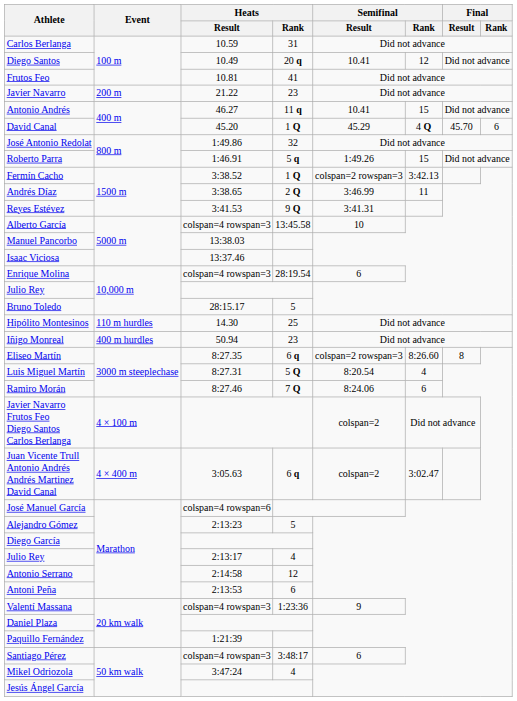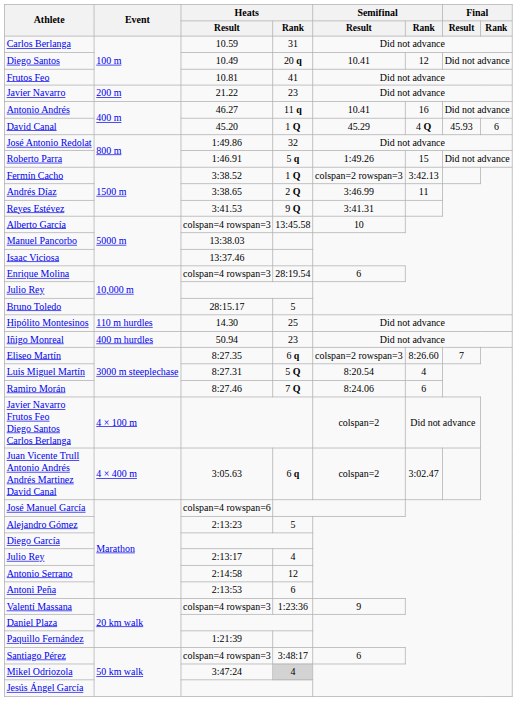 <table class="wikitable" style="font-size:90%">
 <tr>
 <th rowspan="2">Athlete</th>
 <th rowspan="2">Event</th>
 <th colspan="2">Heats</th>
 <th colspan="2">Semifinal</th>
 <th colspan="2">Final</th>
 </tr>
 <tr style="font-size:95%">
 <th>Result</th>
 <th>Rank</th>
 <th>Result</th>
 <th>Rank</th>
 <th>Result</th>
 <th>Rank</th>
 </tr>
 <tr align=center>
 <td align=left><a href='#'>Carlos Berlanga</a></td>
 <td align=left rowspan=3><a href='#'>100 m</a></td>
 <td>10.59</td>
 <td>31</td>
 <td colspan=4>Did not advance</td>
 </tr>
 <tr align=center>
 <td align=left><a href='#'>Diego Santos</a></td>
 <td>10.49</td>
 <td>20 <strong>q</strong></td>
 <td>10.41</td>
 <td>12</td>
 <td colspan=2>Did not advance</td>
 </tr>
 <tr align=center>
 <td align=left><a href='#'>Frutos Feo</a></td>
 <td>10.81</td>
 <td>41</td>
 <td colspan=4>Did not advance</td>
 </tr>
 <tr align=center>
 <td align=left><a href='#'>Javier Navarro</a></td>
 <td align=left><a href='#'>200 m</a></td>
 <td>21.22</td>
 <td>23</td>
 <td colspan=4>Did not advance</td>
 </tr>
 <tr align=center>
 <td align=left><a href='#'>Antonio Andrés</a></td>
 <td align=left rowspan=2><a href='#'>400 m</a></td>
 <td>46.27 <strong></strong></td>
 <td>11 <strong>q</strong></td>
 <td>10.41</td>
-<td>15</td>
+<td>16</td>
 <td colspan=2>Did not advance</td>
 </tr>
 <tr align=center>
 <td align=left><a href='#'>David Canal</a></td>
 <td>45.20 <strong></strong></td>
 <td>1 <strong>Q</strong></td>
 <td>45.29</td>
 <td>4 <strong>Q</strong></td>
-<td>45.70</td>
+<td>45.93</td>
 <td>6</td>
 </tr>
 <tr align=center>
 <td align=left><a href='#'>José Antonio Redolat</a></td>
 <td align=left rowspan=2><a href='#'>800 m</a></td>
 <td>1:49.86</td>
 <td>32</td>
 <td colspan=4>Did not advance</td>
 </tr>
 <tr align=center>
 <td align=left><a href='#'>Roberto Parra</a></td>
 <td>1:46.91 <strong></strong></td>
 <td>5 <strong>q</strong></td>
 <td>1:49.26</td>
 <td>15</td>
 <td colspan=2>Did not advance</td>
 </tr>
 <tr align=center>
 <td align=left><a href='#'>Fermín Cacho</a></td>
 <td align=left rowspan=3><a href='#'>1500 m</a></td>
 <td>3:38.52</td>
 <td>1 <strong>Q</strong></td>
 <td>colspan=2 rowspan=3 </td>
 <td>3:42.13</td>
 <td></td>
 </tr>
 <tr align=center>
 <td align=left><a href='#'>Andrés Díaz</a></td>
 <td>3:38.65</td>
 <td>2 <strong>Q</strong></td>
 <td>3:46.99</td>
 <td>11</td>
 </tr>
 <tr align=center>
 <td align=left><a href='#'>Reyes Estévez</a></td>
 <td>3:41.53</td>
 <td>9 <strong>Q</strong></td>
 <td>3:41.31</td>
 <td></td>
 </tr>
 <tr align=center>
 <td align=left><a href='#'>Alberto García</a></td>
 <td align=left rowspan=3><a href='#'>5000 m</a></td>
 <td>colspan=4 rowspan=3 </td>
 <td>13:45.58</td>
 <td>10</td>
 </tr>
 <tr align=center>
 <td align=left><a href='#'>Manuel Pancorbo</a></td>
 <td>13:38.03</td>
 <td></td>
 </tr>
 <tr align=center>
 <td align=left><a href='#'>Isaac Viciosa</a></td>
 <td>13:37.46</td>
 <td></td>
 </tr>
 <tr align=center>
 <td align=left><a href='#'>Enrique Molina</a></td>
 <td align=left rowspan=3><a href='#'>10,000 m</a></td>
 <td>colspan=4 rowspan=3 </td>
 <td>28:19.54</td>
 <td>6</td>
 </tr>
 <tr align=center>
 <td align=left><a href='#'>Julio Rey</a></td>
 <td colspan=2></td>
 </tr>
 <tr align=center>
 <td align=left><a href='#'>Bruno Toledo</a></td>
 <td>28:15.17</td>
 <td>5</td>
 </tr>
 <tr align=center>
 <td align=left><a href='#'>Hipólito Montesinos</a></td>
 <td align=left><a href='#'>110 m hurdles</a></td>
 <td>14.30</td>
 <td>25</td>
 <td colspan=4>Did not advance</td>
 </tr>
 <tr align=center>
 <td align=left><a href='#'>Iñigo Monreal</a></td>
 <td align=left><a href='#'>400 m hurdles</a></td>
 <td>50.94</td>
 <td>23</td>
 <td colspan=4>Did not advance</td>
 </tr>
 <tr align=center>
 <td align=left><a href='#'>Eliseo Martín</a></td>
 <td align=left rowspan=3><a href='#'>3000 m steeplechase</a></td>
 <td>8:27.35</td>
 <td>6 <strong>q</strong></td>
 <td>colspan=2 rowspan=3 </td>
 <td>8:26.60</td>
-<td>8</td>
+<td>7</td>
 </tr>
 <tr align=center>
 <td align=left><a href='#'>Luis Miguel Martín</a></td>
 <td>8:27.31</td>
 <td>5 <strong>Q</strong></td>
 <td>8:20.54 <strong></strong></td>
 <td>4</td>
 </tr>
 <tr align=center>
 <td align=left><a href='#'>Ramiro Morán</a></td>
 <td>8:27.46 <strong></strong></td>
 <td>7 <strong>Q</strong></td>
 <td>8:24.06 <strong></strong></td>
 <td>6</td>
 </tr>
 <tr align=center>
 <td align=left><a href='#'>Javier Navarro</a><br><a href='#'>Frutos Feo</a><br><a href='#'>Diego Santos</a><br><a href='#'>Carlos Berlanga</a></td>
 <td align=left><a href='#'>4 × 100 m</a></td>
 <td colspan=2></td>
 <td>colspan=2 </td>
 <td colspan=2>Did not advance</td>
 </tr>
 <tr align=center>
 <td align=left><a href='#'>Juan Vicente Trull</a><br><a href='#'>Antonio Andrés</a><br><a href='#'>Andrés Martinez</a><br><a href='#'>David Canal</a></td>
 <td align=left><a href='#'>4 × 400 m</a></td>
 <td>3:05.63 <strong></strong></td>
 <td>6 <strong>q</strong></td>
 <td>colspan=2 </td>
 <td>3:02.47 <strong></strong></td>
 <td></td>
 </tr>
 <tr align=center>
 <td align=left><a href='#'>José Manuel García</a></td>
 <td align=left rowspan=6><a href='#'>Marathon</a></td>
 <td>colspan=4 rowspan=6 </td>
 <td colspan=2></td>
 </tr>
 <tr align=center>
 <td align=left><a href='#'>Alejandro Gómez</a></td>
 <td>2:13:23</td>
 <td>5</td>
 </tr>
 <tr align=center>
 <td align=left><a href='#'>Diego García</a></td>
 <td colspan=2></td>
 </tr>
 <tr align=center>
 <td align=left><a href='#'>Julio Rey</a></td>
 <td>2:13:17</td>
 <td>4</td>
 </tr>
 <tr align=center>
 <td align=left><a href='#'>Antonio Serrano</a></td>
 <td>2:14:58</td>
 <td>12</td>
 </tr>
 <tr align=center>
 <td align=left><a href='#'>Antoni Peña</a></td>
 <td>2:13:53</td>
 <td>6</td>
 </tr>
 <tr align=center>
 <td align=left><a href='#'>Valentí Massana</a></td>
 <td align=left rowspan=3><a href='#'>20 km walk</a></td>
 <td>colspan=4 rowspan=3 </td>
 <td>1:23:36</td>
 <td>9</td>
 </tr>
 <tr align=center>
 <td align=left><a href='#'>Daniel Plaza</a></td>
 <td colspan=2></td>
 </tr>
 <tr align=center>
 <td align=left><a href='#'>Paquillo Fernández</a></td>
 <td>1:21:39</td>
 <td></td>
 </tr>
 <tr align=center>
 <td align=left><a href='#'>Santiago Pérez</a></td>
 <td align=left rowspan=3><a href='#'>50 km walk</a></td>
 <td>colspan=4 rowspan=3 </td>
 <td>3:48:17</td>
 <td>6</td>
 </tr>
 <tr align=center>
 <td align=left><a href='#'>Mikel Odriozola</a></td>
 <td>3:47:24 <strong></strong></td>
-<td>4</td>
+<td style="background: lightgrey;">4</td>
 </tr>
 <tr align=center>
 <td align=left><a href='#'>Jesús Ángel García</a></td>
 <td colspan=2></td>
 </tr>
 </table>
